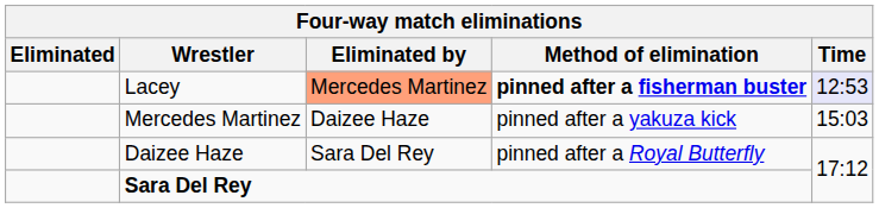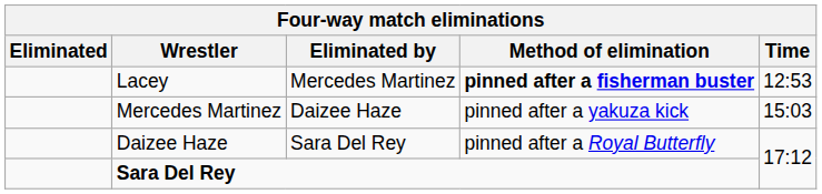 <table style="font-size: 100%" class="wikitable" border="1">
 <tr>
 <th colspan="6">Four-way match eliminations</th>
 </tr>
 <tr>
 <th>Eliminated</th>
 <th>Wrestler</th>
 <th>Eliminated by</th>
 <th>Method of elimination</th>
 <th>Time</th>
 </tr>
 <tr>
 <td></td>
 <td>Lacey</td>
-<td style="background: lightsalmon;">Mercedes Martinez</td>
+<td>Mercedes Martinez</td>
 <td><strong>pinned after a <a href='#'>fisherman buster</a></strong></td>
-<td style="background: lavender;">12:53</td>
+<td>12:53</td>
 </tr>
 <tr>
 <td></td>
 <td>Mercedes Martinez</td>
 <td>Daizee Haze</td>
 <td>pinned after a <a href='#'>yakuza kick</a></td>
 <td>15:03</td>
 </tr>
 <tr>
 <td></td>
 <td>Daizee Haze</td>
 <td>Sara Del Rey</td>
 <td>pinned after a <em><a href='#'>Royal Butterfly</a></em></td>
 <td rowspan="2">17:12</td>
 </tr>
 <tr>
 <td><strong></strong></td>
 <td colspan=3><strong>Sara Del Rey</strong></td>
 </tr>
 </table>
